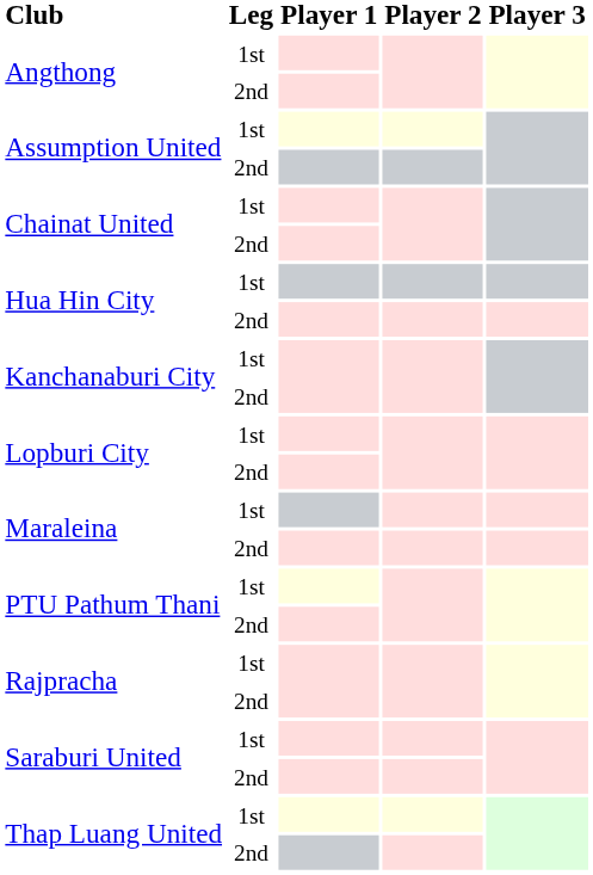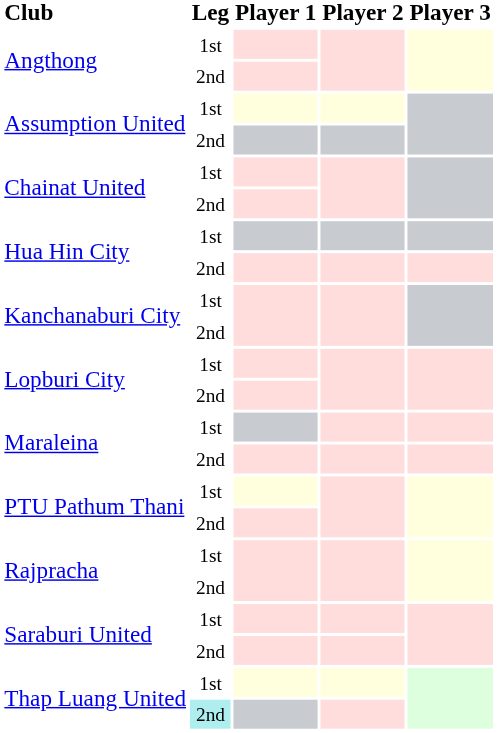 <table class="sortable" style="text-align:left">
 <tr>
 <th>Club</th>
 <th>Leg</th>
 <th>Player 1</th>
 <th>Player 2</th>
 <th>Player 3</th>
 </tr>
 <tr>
 <td rowspan="2"><a href='#'>Angthong</a></td>
 <td align="center"><small>1st</small></td>
 <td bgcolor="#ffdddd"></td>
 <td bgcolor="#ffdddd"rowspan="2"></td>
 <td bgcolor="#ffffdd"rowspan="2"></td>
 </tr>
 <tr>
 <td align="center"><small>2nd</small></td>
 <td bgcolor="#ffdddd"></td>
 </tr>
 <tr>
 <td rowspan="2"><a href='#'>Assumption United</a></td>
 <td align="center"><small>1st</small></td>
 <td bgcolor="#ffffdd"></td>
 <td bgcolor="#ffffdd"></td>
 <td bgcolor="#c8ccd1"rowspan="2"></td>
 </tr>
 <tr>
 <td align="center"><small>2nd</small></td>
 <td bgcolor="#c8ccd1"></td>
 <td bgcolor="#c8ccd1"></td>
 </tr>
 <tr>
 <td rowspan="2"><a href='#'>Chainat United</a></td>
 <td align="center"><small>1st</small></td>
 <td bgcolor="#ffdddd"></td>
 <td bgcolor="#ffdddd"rowspan="2"></td>
 <td bgcolor="#c8ccd1"rowspan="2"></td>
 </tr>
 <tr>
 <td align="center"><small>2nd</small></td>
 <td bgcolor="#ffdddd"></td>
 </tr>
 <tr>
 <td rowspan="2"><a href='#'>Hua Hin City</a></td>
 <td align="center"><small>1st</small></td>
 <td bgcolor="#c8ccd1"></td>
 <td bgcolor="#c8ccd1"></td>
 <td bgcolor="#c8ccd1"></td>
 </tr>
 <tr>
 <td align="center"><small>2nd</small></td>
 <td bgcolor="#ffdddd"></td>
 <td bgcolor="#ffdddd"></td>
 <td bgcolor="#ffdddd"></td>
 </tr>
 <tr>
 <td rowspan="2"><a href='#'>Kanchanaburi City</a></td>
 <td align="center"><small>1st</small></td>
 <td bgcolor="#ffdddd"rowspan="2"></td>
 <td bgcolor="#ffdddd"rowspan="2"></td>
 <td bgcolor="#c8ccd1"rowspan="2"></td>
 </tr>
 <tr>
 <td align="center"><small>2nd</small></td>
 </tr>
 <tr>
 <td rowspan="2"><a href='#'>Lopburi City</a></td>
 <td align="center"><small>1st</small></td>
 <td bgcolor="#ffdddd"></td>
 <td bgcolor="#ffdddd"rowspan="2"></td>
 <td bgcolor="#ffdddd"rowspan="2"></td>
 </tr>
 <tr>
 <td align="center"><small>2nd</small></td>
 <td bgcolor="#ffdddd"></td>
 </tr>
 <tr>
 <td rowspan="2"><a href='#'>Maraleina</a></td>
 <td align="center"><small>1st</small></td>
 <td bgcolor="#c8ccd1"></td>
 <td bgcolor="#ffdddd"></td>
 <td bgcolor="#ffdddd"></td>
 </tr>
 <tr>
 <td align="center"><small>2nd</small></td>
 <td bgcolor="#ffdddd"></td>
 <td bgcolor="#ffdddd"></td>
 <td bgcolor="#ffdddd"></td>
 </tr>
 <tr>
 <td rowspan="2"><a href='#'>PTU Pathum Thani</a></td>
 <td align="center"><small>1st</small></td>
 <td bgcolor="#ffffdd"></td>
 <td bgcolor="#ffdddd"rowspan="2"></td>
 <td bgcolor="#ffffdd"rowspan="2"></td>
 </tr>
 <tr>
 <td align="center"><small>2nd</small></td>
 <td bgcolor="#ffdddd"></td>
 </tr>
 <tr>
 <td rowspan="2"><a href='#'>Rajpracha</a></td>
 <td align="center"><small>1st</small></td>
 <td bgcolor="#ffdddd"rowspan="2"></td>
 <td bgcolor="#ffdddd"rowspan="2"></td>
 <td bgcolor="#ffffdd"rowspan="2"></td>
 </tr>
 <tr>
 <td align="center"><small>2nd</small></td>
 </tr>
 <tr>
 <td rowspan="2"><a href='#'>Saraburi United</a></td>
 <td align="center"><small>1st</small></td>
 <td bgcolor="#ffdddd"></td>
 <td bgcolor="#ffdddd"></td>
 <td bgcolor="#ffdddd"rowspan="2"></td>
 </tr>
 <tr>
 <td align="center"><small>2nd</small></td>
 <td bgcolor="#ffdddd"></td>
 <td bgcolor="#ffdddd"></td>
 </tr>
 <tr>
 <td rowspan="2"><a href='#'>Thap Luang United</a></td>
 <td align="center"><small>1st</small></td>
 <td bgcolor="#ffffdd"></td>
 <td bgcolor="#ffffdd"></td>
 <td bgcolor="#ddffdd"rowspan="2"></td>
 </tr>
 <tr>
-<td align="center"><small>2nd</small></td>
+<td align="center" style="background: paleturquoise;"><small>2nd</small></td>
 <td bgcolor="#c8ccd1"></td>
 <td bgcolor="#ffdddd"></td>
 </tr>
 </table>
